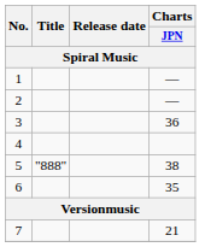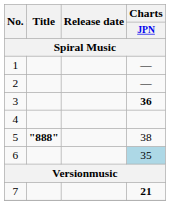 <table class="wikitable">
 <tr>
 <th rowspan="2">No.</th>
 <th rowspan="2">Title</th>
 <th rowspan="2">Release date</th>
 <th>Charts</th>
 </tr>
 <tr style="width:3em;font-size:85%;">
 <th><a href='#'>JPN</a><br></th>
 </tr>
 <tr>
 <th colspan="4">Spiral Music</th>
 </tr>
 <tr>
 <td align="center">1</td>
 <td></td>
 <td></td>
 <td align="center">—</td>
 </tr>
 <tr>
 <td align="center">2</td>
 <td></td>
 <td></td>
 <td align="center">—</td>
 </tr>
 <tr>
 <td align="center">3</td>
 <td></td>
 <td></td>
-<td align="center">36</td>
+<td align="center"><strong>36</strong></td>
 </tr>
 <tr>
 <td align="center">4</td>
 <td></td>
 <td></td>
 <td></td>
 </tr>
 <tr>
 <td align="center">5</td>
-<td>"888"</td>
+<td><strong>"888"</strong></td>
 <td></td>
 <td align="center">38</td>
 </tr>
 <tr>
 <td align="center">6</td>
 <td></td>
 <td></td>
-<td align="center">35</td>
+<td align="center" style="background: lightblue;">35</td>
 </tr>
 <tr>
 <th colspan="4">Versionmusic</th>
 </tr>
 <tr>
 <td align="center">7</td>
 <td></td>
 <td></td>
-<td align="center">21</td>
+<td align="center"><strong>21</strong></td>
 </tr>
 <tr>
 </tr>
 </table>
